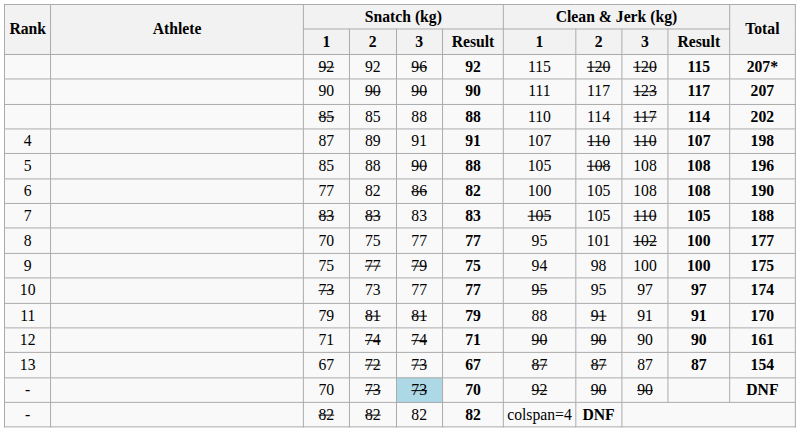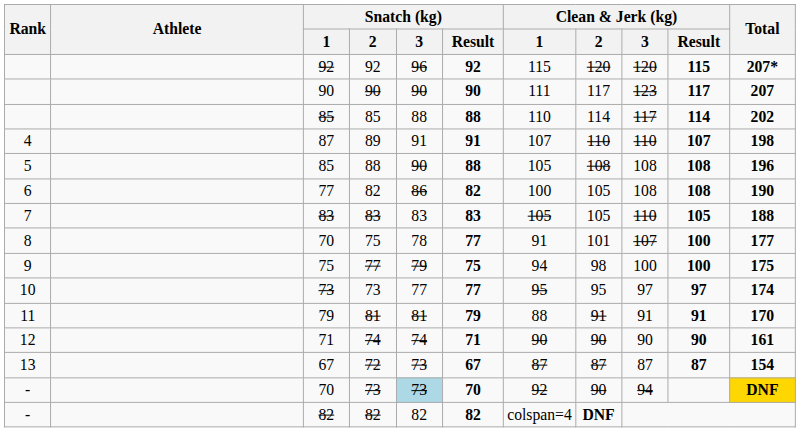 <table class = "wikitable" style="text-align:center;">
 <tr>
 <th rowspan=2 width=40>Rank</th>
 <th rowspan=2 width=250>Athlete</th>
 <th colspan=4>Snatch (kg)</th>
 <th colspan=4>Clean & Jerk (kg)</th>
 <th rowspan=2 width=60>Total</th>
 </tr>
 <tr>
 <th width=40>1</th>
 <th width=40>2</th>
 <th width=40>3</th>
 <th width=55>Result</th>
 <th width=40>1</th>
 <th width=40>2</th>
 <th width=40>3</th>
 <th width=55>Result</th>
 </tr>
 <tr>
 <td></td>
 <td align=left></td>
 <td><s>92</s></td>
 <td>92</td>
 <td><s>96</s></td>
 <td><strong>92</strong></td>
 <td>115</td>
 <td><s>120</s></td>
 <td><s>120</s></td>
 <td><strong>115</strong></td>
 <td><strong>207*</strong></td>
 </tr>
 <tr>
 <td></td>
 <td align=left></td>
 <td>90</td>
 <td><s>90</s></td>
 <td><s>90</s></td>
 <td><strong>90</strong></td>
 <td>111</td>
 <td>117</td>
 <td><s>123</s></td>
 <td><strong>117</strong></td>
 <td><strong>207</strong></td>
 </tr>
 <tr>
 <td></td>
 <td align=left></td>
 <td><s>85</s></td>
 <td>85</td>
 <td>88</td>
 <td><strong>88</strong></td>
 <td>110</td>
 <td>114</td>
 <td><s>117</s></td>
 <td><strong>114</strong></td>
 <td><strong>202</strong></td>
 </tr>
 <tr>
 <td>4</td>
 <td align=left></td>
 <td>87</td>
 <td>89</td>
 <td>91</td>
 <td><strong>91</strong></td>
 <td>107</td>
 <td><s>110</s></td>
 <td><s>110</s></td>
 <td><strong>107</strong></td>
 <td><strong>198</strong></td>
 </tr>
 <tr>
 <td>5</td>
 <td align=left></td>
 <td>85</td>
 <td>88</td>
 <td><s>90</s></td>
 <td><strong>88</strong></td>
 <td>105</td>
 <td><s>108</s></td>
 <td>108</td>
 <td><strong>108</strong></td>
 <td><strong>196</strong></td>
 </tr>
 <tr>
 <td>6</td>
 <td align=left></td>
 <td>77</td>
 <td>82</td>
 <td><s>86</s></td>
 <td><strong>82</strong></td>
 <td>100</td>
 <td>105</td>
 <td>108</td>
 <td><strong>108</strong></td>
 <td><strong>190</strong></td>
 </tr>
 <tr>
 <td>7</td>
 <td align=left></td>
 <td><s>83</s></td>
 <td><s>83</s></td>
 <td>83</td>
 <td><strong>83</strong></td>
 <td><s>105</s></td>
 <td>105</td>
 <td><s>110</s></td>
 <td><strong>105</strong></td>
 <td><strong>188</strong></td>
 </tr>
 <tr>
 <td>8</td>
 <td align=left></td>
 <td>70</td>
 <td>75</td>
-<td>77</td>
+<td>78</td>
 <td><strong>77</strong></td>
-<td>95</td>
+<td>91</td>
 <td>101</td>
-<td><s>102</s></td>
+<td><s>107</s></td>
 <td><strong>100</strong></td>
 <td><strong>177</strong></td>
 </tr>
 <tr>
 <td>9</td>
 <td align=left></td>
 <td>75</td>
 <td><s>77</s></td>
 <td><s>79</s></td>
 <td><strong>75</strong></td>
 <td>94</td>
 <td>98</td>
 <td>100</td>
 <td><strong>100</strong></td>
 <td><strong>175</strong></td>
 </tr>
 <tr>
 <td>10</td>
 <td align=left></td>
 <td><s>73</s></td>
 <td>73</td>
 <td>77</td>
 <td><strong>77</strong></td>
 <td><s>95</s></td>
 <td>95</td>
 <td>97</td>
 <td><strong>97</strong></td>
 <td><strong>174</strong></td>
 </tr>
 <tr>
 <td>11</td>
 <td align=left></td>
 <td>79</td>
 <td><s>81</s></td>
 <td><s>81</s></td>
 <td><strong>79</strong></td>
 <td>88</td>
 <td><s>91</s></td>
 <td>91</td>
 <td><strong>91</strong></td>
 <td><strong>170</strong></td>
 </tr>
 <tr>
 <td>12</td>
 <td align=left></td>
 <td>71</td>
 <td><s>74</s></td>
 <td><s>74</s></td>
 <td><strong>71</strong></td>
 <td><s>90</s></td>
 <td><s>90</s></td>
 <td>90</td>
 <td><strong>90</strong></td>
 <td><strong>161</strong></td>
 </tr>
 <tr>
 <td>13</td>
 <td align=left></td>
 <td>67</td>
 <td><s>72</s></td>
 <td><s>73</s></td>
 <td><strong>67</strong></td>
 <td><s>87</s></td>
 <td><s>87</s></td>
 <td>87</td>
 <td><strong>87</strong></td>
 <td><strong>154</strong></td>
 </tr>
 <tr>
 <td>-</td>
 <td align=left></td>
 <td>70</td>
 <td><s>73</s></td>
 <td style="background: lightblue;"><s>73</s></td>
 <td><strong>70</strong></td>
 <td><s>92</s></td>
 <td><s>90</s></td>
-<td><s>90</s></td>
+<td><s>94</s></td>
 <td></td>
-<td><strong>DNF</strong></td>
+<td style="background: gold;"><strong>DNF</strong></td>
 </tr>
 <tr>
 <td>-</td>
 <td align=left></td>
 <td><s>82</s></td>
 <td><s>82</s></td>
 <td>82</td>
 <td><strong>82</strong></td>
 <td>colspan=4 </td>
 <td><strong>DNF</strong></td>
 </tr>
 </table>
